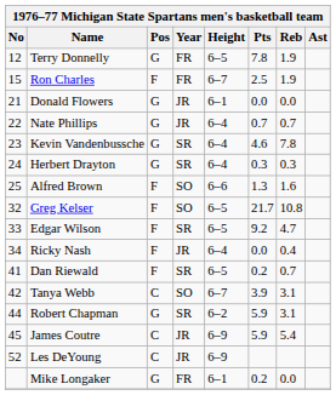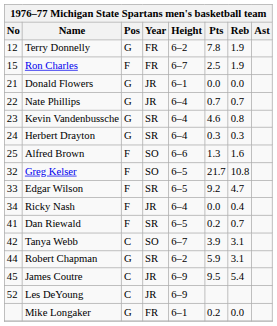 <table class="wikitable sortable" style="font-size: 90%" |->
 <tr>
 <th colspan=9 style=>1976–77 Michigan State Spartans men's basketball team</th>
 </tr>
 <tr>
 <th style="background:#">No</th>
 <th style="background:#">Name</th>
 <th style="background:#">Pos</th>
 <th style="background:#">Year</th>
 <th style="background:#">Height</th>
 <th style="background:#">Pts</th>
 <th style="background:#">Reb</th>
 <th style="background:#">Ast</th>
 </tr>
 <tr>
 <td>12</td>
 <td>Terry Donnelly</td>
 <td>G</td>
 <td>FR</td>
-<td>6–5</td>
+<td>6–2</td>
 <td>7.8</td>
 <td>1.9</td>
 <td></td>
 </tr>
 <tr>
 <td>15</td>
 <td><a href='#'>Ron Charles</a></td>
 <td>F</td>
 <td>FR</td>
 <td>6–7</td>
 <td>2.5</td>
 <td>1.9</td>
 <td></td>
 </tr>
 <tr>
 <td>21</td>
 <td>Donald Flowers</td>
 <td>G</td>
 <td>JR</td>
 <td>6–1</td>
 <td>0.0</td>
 <td>0.0</td>
 <td></td>
 </tr>
 <tr>
 <td>22</td>
 <td>Nate Phillips</td>
 <td>G</td>
 <td>JR</td>
 <td>6–4</td>
 <td>0.7</td>
 <td>0.7</td>
 <td></td>
 </tr>
 <tr>
 <td>23</td>
 <td>Kevin Vandenbussche</td>
 <td>G</td>
 <td>SR</td>
 <td>6–4</td>
 <td>4.6</td>
-<td>7.8</td>
+<td>0.8</td>
 <td></td>
 </tr>
 <tr>
 <td>24</td>
 <td>Herbert Drayton</td>
 <td>G</td>
 <td>SR</td>
 <td>6–4</td>
 <td>0.3</td>
 <td>0.3</td>
 <td></td>
 </tr>
 <tr>
 <td>25</td>
 <td>Alfred Brown</td>
 <td>F</td>
 <td>SO</td>
 <td>6–6</td>
 <td>1.3</td>
 <td>1.6</td>
 <td></td>
 </tr>
 <tr>
 <td>32</td>
 <td><a href='#'>Greg Kelser</a></td>
 <td>F</td>
 <td>SO</td>
 <td>6–5</td>
 <td>21.7</td>
 <td>10.8</td>
 <td></td>
 </tr>
 <tr>
 <td>33</td>
 <td>Edgar Wilson</td>
 <td>F</td>
 <td>SR</td>
 <td>6–5</td>
 <td>9.2</td>
 <td>4.7</td>
 <td></td>
 </tr>
 <tr>
 <td>34</td>
 <td>Ricky Nash</td>
 <td>F</td>
 <td>JR</td>
 <td>6–4</td>
 <td>0.0</td>
 <td>0.4</td>
 <td></td>
 </tr>
 <tr>
 <td>41</td>
 <td>Dan Riewald</td>
 <td>F</td>
 <td>SR</td>
 <td>6–5</td>
 <td>0.2</td>
 <td>0.7</td>
 <td></td>
 </tr>
 <tr>
 <td>42</td>
 <td>Tanya Webb</td>
 <td>C</td>
 <td>SO</td>
 <td>6–7</td>
 <td>3.9</td>
 <td>3.1</td>
 <td></td>
 </tr>
 <tr>
 <td>44</td>
 <td>Robert Chapman</td>
 <td>G</td>
 <td>SR</td>
 <td>6–2</td>
 <td>5.9</td>
 <td>3.1</td>
 <td></td>
 </tr>
 <tr>
 <td>45</td>
 <td>James Coutre</td>
 <td>C</td>
 <td>JR</td>
 <td>6–9</td>
-<td>5.9</td>
+<td>9.5</td>
 <td>5.4</td>
 <td></td>
 </tr>
 <tr>
 <td>52</td>
 <td>Les DeYoung</td>
 <td>C</td>
 <td>JR</td>
 <td>6–9</td>
 <td></td>
 <td></td>
 <td></td>
 </tr>
 <tr>
 <td></td>
 <td>Mike Longaker</td>
 <td>G</td>
 <td>FR</td>
 <td>6–1</td>
 <td>0.2</td>
 <td>0.0</td>
 <td></td>
 </tr>
 <tr>
 </tr>
 <tr>
 </tr>
 </table>
